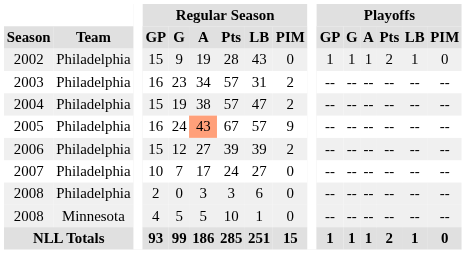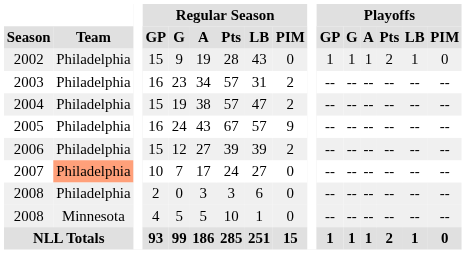 <table BORDER="0" CELLPADDING="3" CELLSPACING="0">
 <tr ALIGN="center" bgcolor="#e0e0e0">
 <th colspan="2" bgcolor="#ffffff"> </th>
 <th rowspan="99" bgcolor="#ffffff"> </th>
 <th colspan="6">Regular Season</th>
 <th rowspan="99" bgcolor="#ffffff"> </th>
 <th colspan="6">Playoffs</th>
 </tr>
 <tr ALIGN="center" bgcolor="#e0e0e0">
 <th>Season</th>
 <th>Team</th>
 <th>GP</th>
 <th>G</th>
 <th>A</th>
 <th>Pts</th>
 <th>LB</th>
 <th>PIM</th>
 <th>GP</th>
 <th>G</th>
 <th>A</th>
 <th>Pts</th>
 <th>LB</th>
 <th>PIM</th>
 </tr>
 <tr ALIGN="center" bgcolor="#f0f0f0">
 <td>2002</td>
 <td>Philadelphia</td>
 <td>15</td>
 <td>9</td>
 <td>19</td>
 <td>28</td>
 <td>43</td>
 <td>0</td>
 <td>1</td>
 <td>1</td>
 <td>1</td>
 <td>2</td>
 <td>1</td>
 <td>0</td>
 </tr>
 <tr ALIGN="center">
 <td>2003</td>
 <td>Philadelphia</td>
 <td>16</td>
 <td>23</td>
 <td>34</td>
 <td>57</td>
 <td>31</td>
 <td>2</td>
 <td>--</td>
 <td>--</td>
 <td>--</td>
 <td>--</td>
 <td>--</td>
 <td>--</td>
 </tr>
 <tr ALIGN="center" bgcolor="#f0f0f0">
 <td>2004</td>
 <td>Philadelphia</td>
 <td>15</td>
 <td>19</td>
 <td>38</td>
 <td>57</td>
 <td>47</td>
 <td>2</td>
 <td>--</td>
 <td>--</td>
 <td>--</td>
 <td>--</td>
 <td>--</td>
 <td>--</td>
 </tr>
 <tr ALIGN="center">
 <td>2005</td>
 <td>Philadelphia</td>
 <td>16</td>
 <td>24</td>
-<td style="background: lightsalmon;">43</td>
+<td>43</td>
 <td>67</td>
 <td>57</td>
 <td>9</td>
 <td>--</td>
 <td>--</td>
 <td>--</td>
 <td>--</td>
 <td>--</td>
 <td>--</td>
 </tr>
 <tr ALIGN="center" bgcolor="#f0f0f0">
 <td>2006</td>
 <td>Philadelphia</td>
 <td>15</td>
 <td>12</td>
 <td>27</td>
 <td>39</td>
 <td>39</td>
 <td>2</td>
 <td>--</td>
 <td>--</td>
 <td>--</td>
 <td>--</td>
 <td>--</td>
 <td>--</td>
 </tr>
 <tr ALIGN="center">
 <td>2007</td>
-<td>Philadelphia</td>
+<td style="background: lightsalmon;">Philadelphia</td>
 <td>10</td>
 <td>7</td>
 <td>17</td>
 <td>24</td>
 <td>27</td>
 <td>0</td>
 <td>--</td>
 <td>--</td>
 <td>--</td>
 <td>--</td>
 <td>--</td>
 <td>--</td>
 </tr>
 <tr ALIGN="center" bgcolor="#f0f0f0">
 <td>2008</td>
 <td>Philadelphia</td>
 <td>2</td>
 <td>0</td>
 <td>3</td>
 <td>3</td>
 <td>6</td>
 <td>0</td>
 <td>--</td>
 <td>--</td>
 <td>--</td>
 <td>--</td>
 <td>--</td>
 <td>--</td>
 </tr>
 <tr ALIGN="center" bgcolor="#f0f0f0">
 <td>2008</td>
 <td>Minnesota</td>
 <td>4</td>
 <td>5</td>
 <td>5</td>
 <td>10</td>
 <td>1</td>
 <td>0</td>
 <td>--</td>
 <td>--</td>
 <td>--</td>
 <td>--</td>
 <td>--</td>
 <td>--</td>
 </tr>
 <tr ALIGN="center" bgcolor="#e0e0e0">
 <th colspan="2">NLL Totals</th>
 <th>93</th>
 <th>99</th>
 <th>186</th>
 <th>285</th>
 <th>251</th>
 <th>15</th>
 <th>1</th>
 <th>1</th>
 <th>1</th>
 <th>2</th>
 <th>1</th>
 <th>0</th>
 </tr>
 </table>
